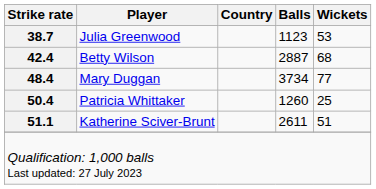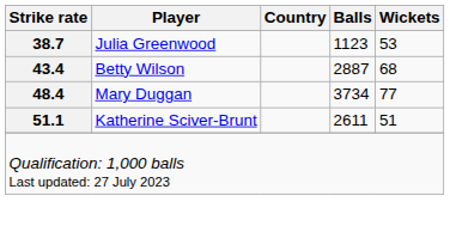 <table class="wikitable sortable">
 <tr>
 <th>Strike rate</th>
 <th>Player</th>
 <th>Country</th>
 <th>Balls</th>
 <th>Wickets</th>
 </tr>
 <tr>
 <th>38.7</th>
 <td><a href='#'>Julia Greenwood</a></td>
 <td></td>
 <td>1123</td>
 <td>53</td>
 </tr>
 <tr>
-<th>42.4</th>
+<th>43.4</th>
 <td><a href='#'>Betty Wilson</a></td>
 <td></td>
 <td>2887</td>
 <td>68</td>
 </tr>
 <tr>
 <th>48.4</th>
 <td><a href='#'>Mary Duggan</a></td>
 <td></td>
 <td>3734</td>
 <td>77</td>
-</tr>
-<tr>
-<th>50.4</th>
-<td><a href='#'>Patricia Whittaker</a></td>
-<td></td>
-<td>1260</td>
-<td>25</td>
 </tr>
 <tr>
 <th>51.1</th>
 <td><a href='#'>Katherine Sciver-Brunt</a></td>
 <td></td>
 <td>2611</td>
 <td>51</td>
 </tr>
 <tr>
 </tr>
 <tr class="sortbottom">
 <td colspan=5><br><em>Qualification: 1,000 balls</em><br> <small>Last updated: 27 July 2023</small></td>
 </tr>
 </table>
